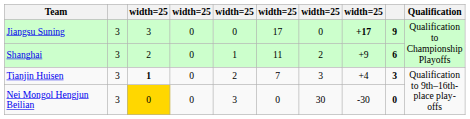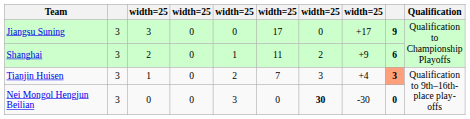 <table class="wikitable" style="text-align: center;">
 <tr>
 <th style="width:165px;">Team</th>
 <th width=25></th>
 <th>width=25</th>
 <th>width=25</th>
 <th>width=25</th>
 <th>width=25</th>
 <th>width=25</th>
 <th>width=25</th>
 <th width=25></th>
 <th width=50>Qualification</th>
 </tr>
 <tr style="background:#cfc;">
 <td align="left"><a href='#'>Jiangsu Suning</a></td>
 <td>3</td>
 <td>3</td>
 <td>0</td>
 <td>0</td>
 <td>17</td>
 <td>0</td>
-<td><strong>+17</strong></td>
+<td>+17</td>
 <td><strong>9</strong></td>
 <td rowspan=2 align="center">Qualification to Championship Playoffs</td>
 </tr>
 <tr style="background:#cfc;">
 <td align="left"><a href='#'>Shanghai</a></td>
 <td>3</td>
 <td>2</td>
 <td>0</td>
 <td>1</td>
 <td>11</td>
 <td>2</td>
 <td>+9</td>
 <td><strong>6</strong></td>
 </tr>
 <tr>
 <td align="left"><a href='#'>Tianjin Huisen</a></td>
 <td>3</td>
-<td><strong>1</strong></td>
+<td>1</td>
 <td>0</td>
 <td>2</td>
 <td>7</td>
 <td>3</td>
 <td>+4</td>
-<td><strong>3</strong></td>
+<td style="background: lightsalmon;"><strong>3</strong></td>
 <td rowspan=2 align="center">Qualification to 9th–16th-place play-offs</td>
 </tr>
 <tr>
 <td align="left"><a href='#'>Nei Mongol Hengjun Beilian</a></td>
 <td>3</td>
-<td style="background: gold;">0</td>
+<td>0</td>
 <td>0</td>
 <td>3</td>
 <td>0</td>
-<td>30</td>
+<td><strong>30</strong></td>
 <td>-30</td>
 <td><strong>0</strong></td>
 </tr>
 </table>
